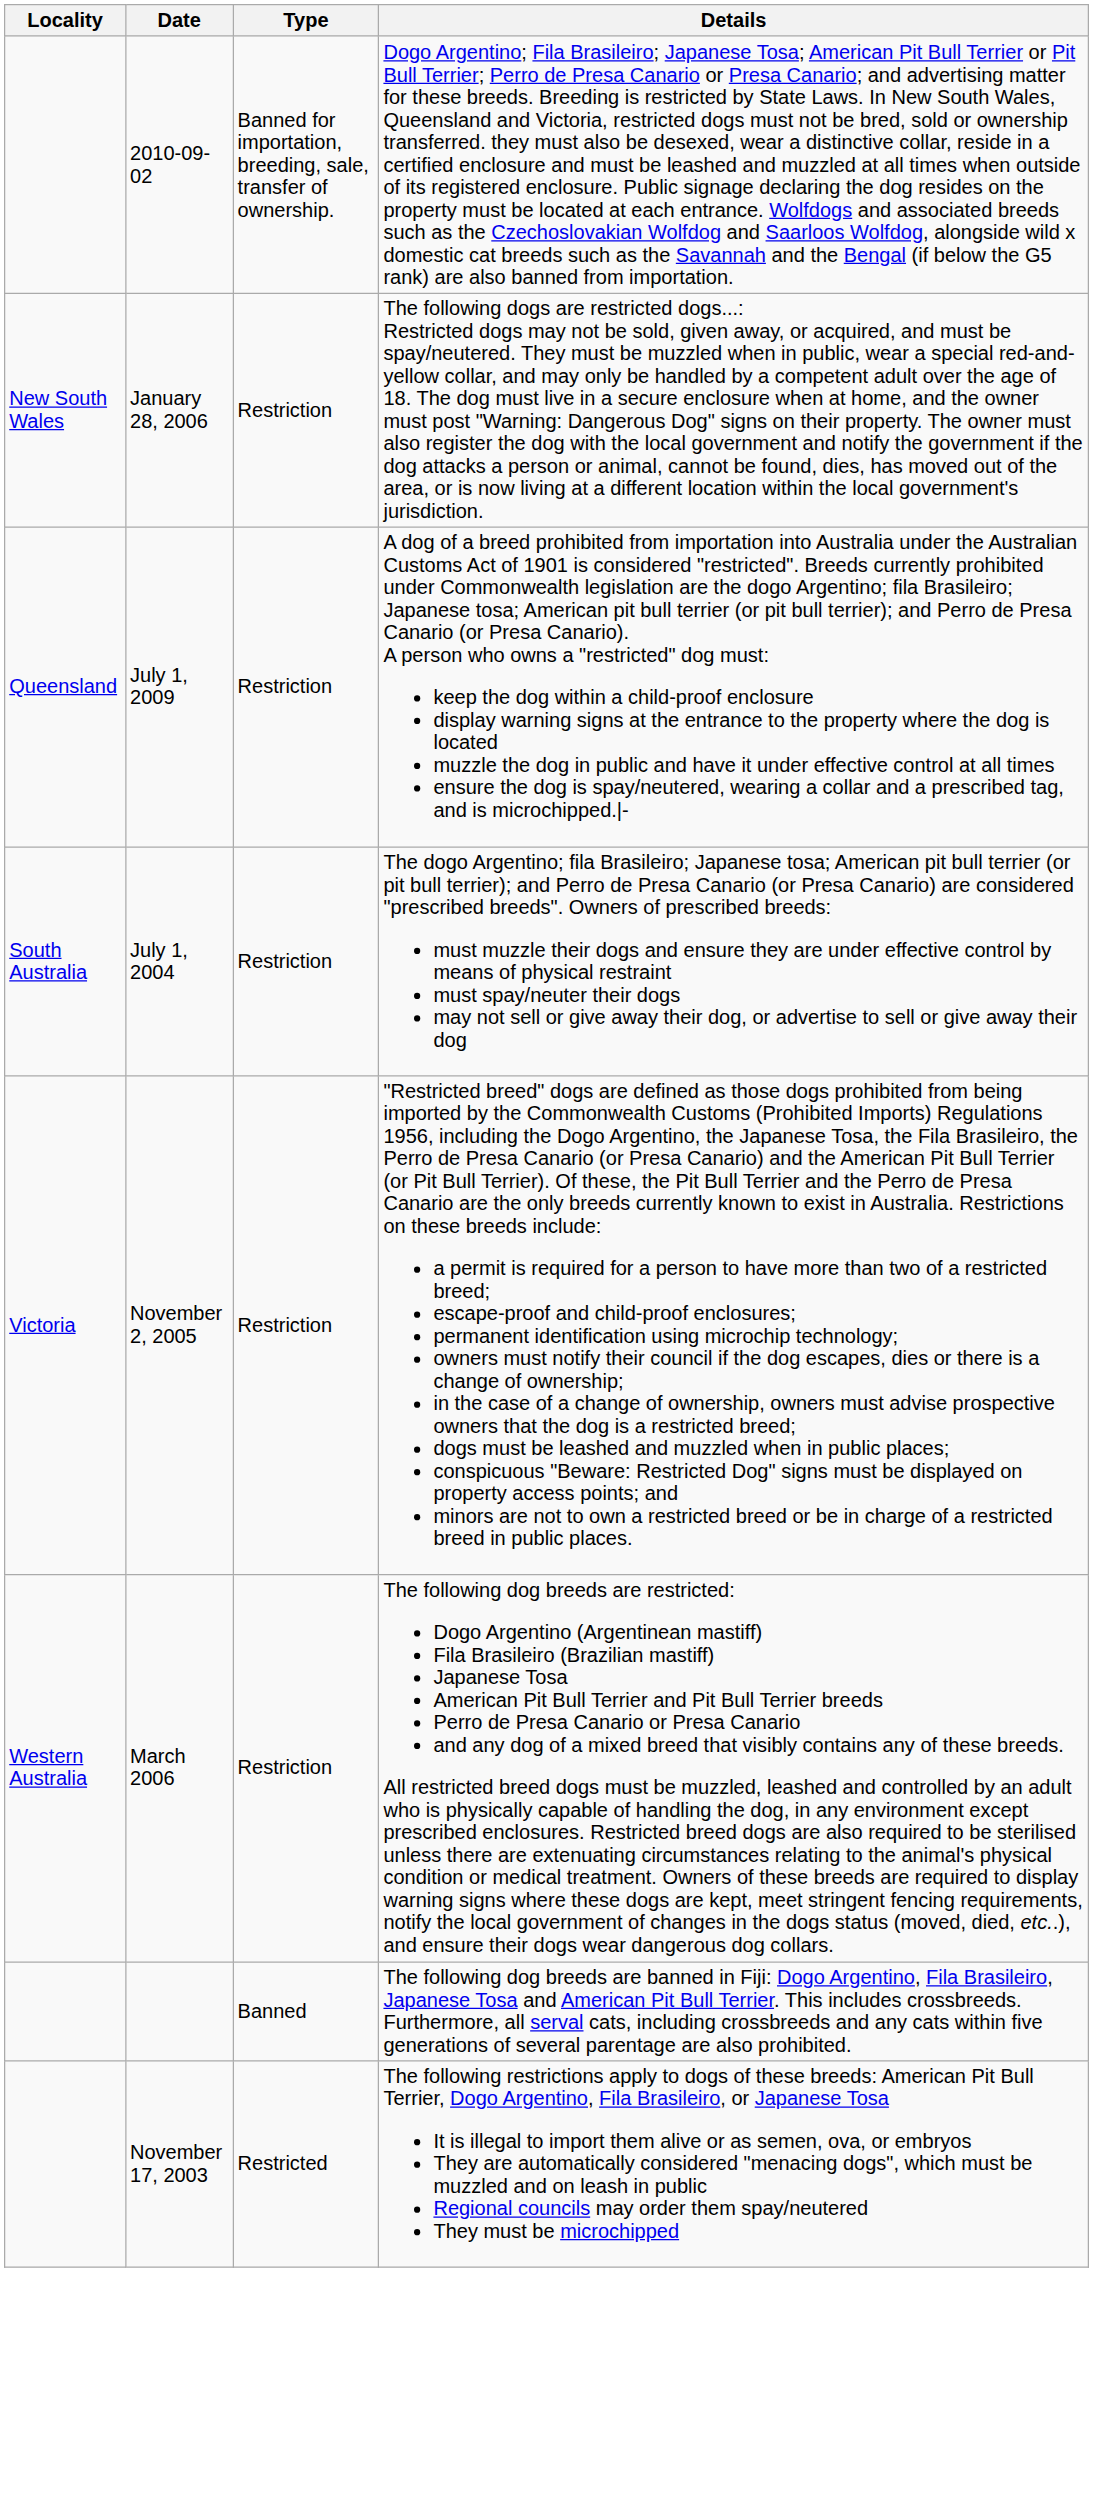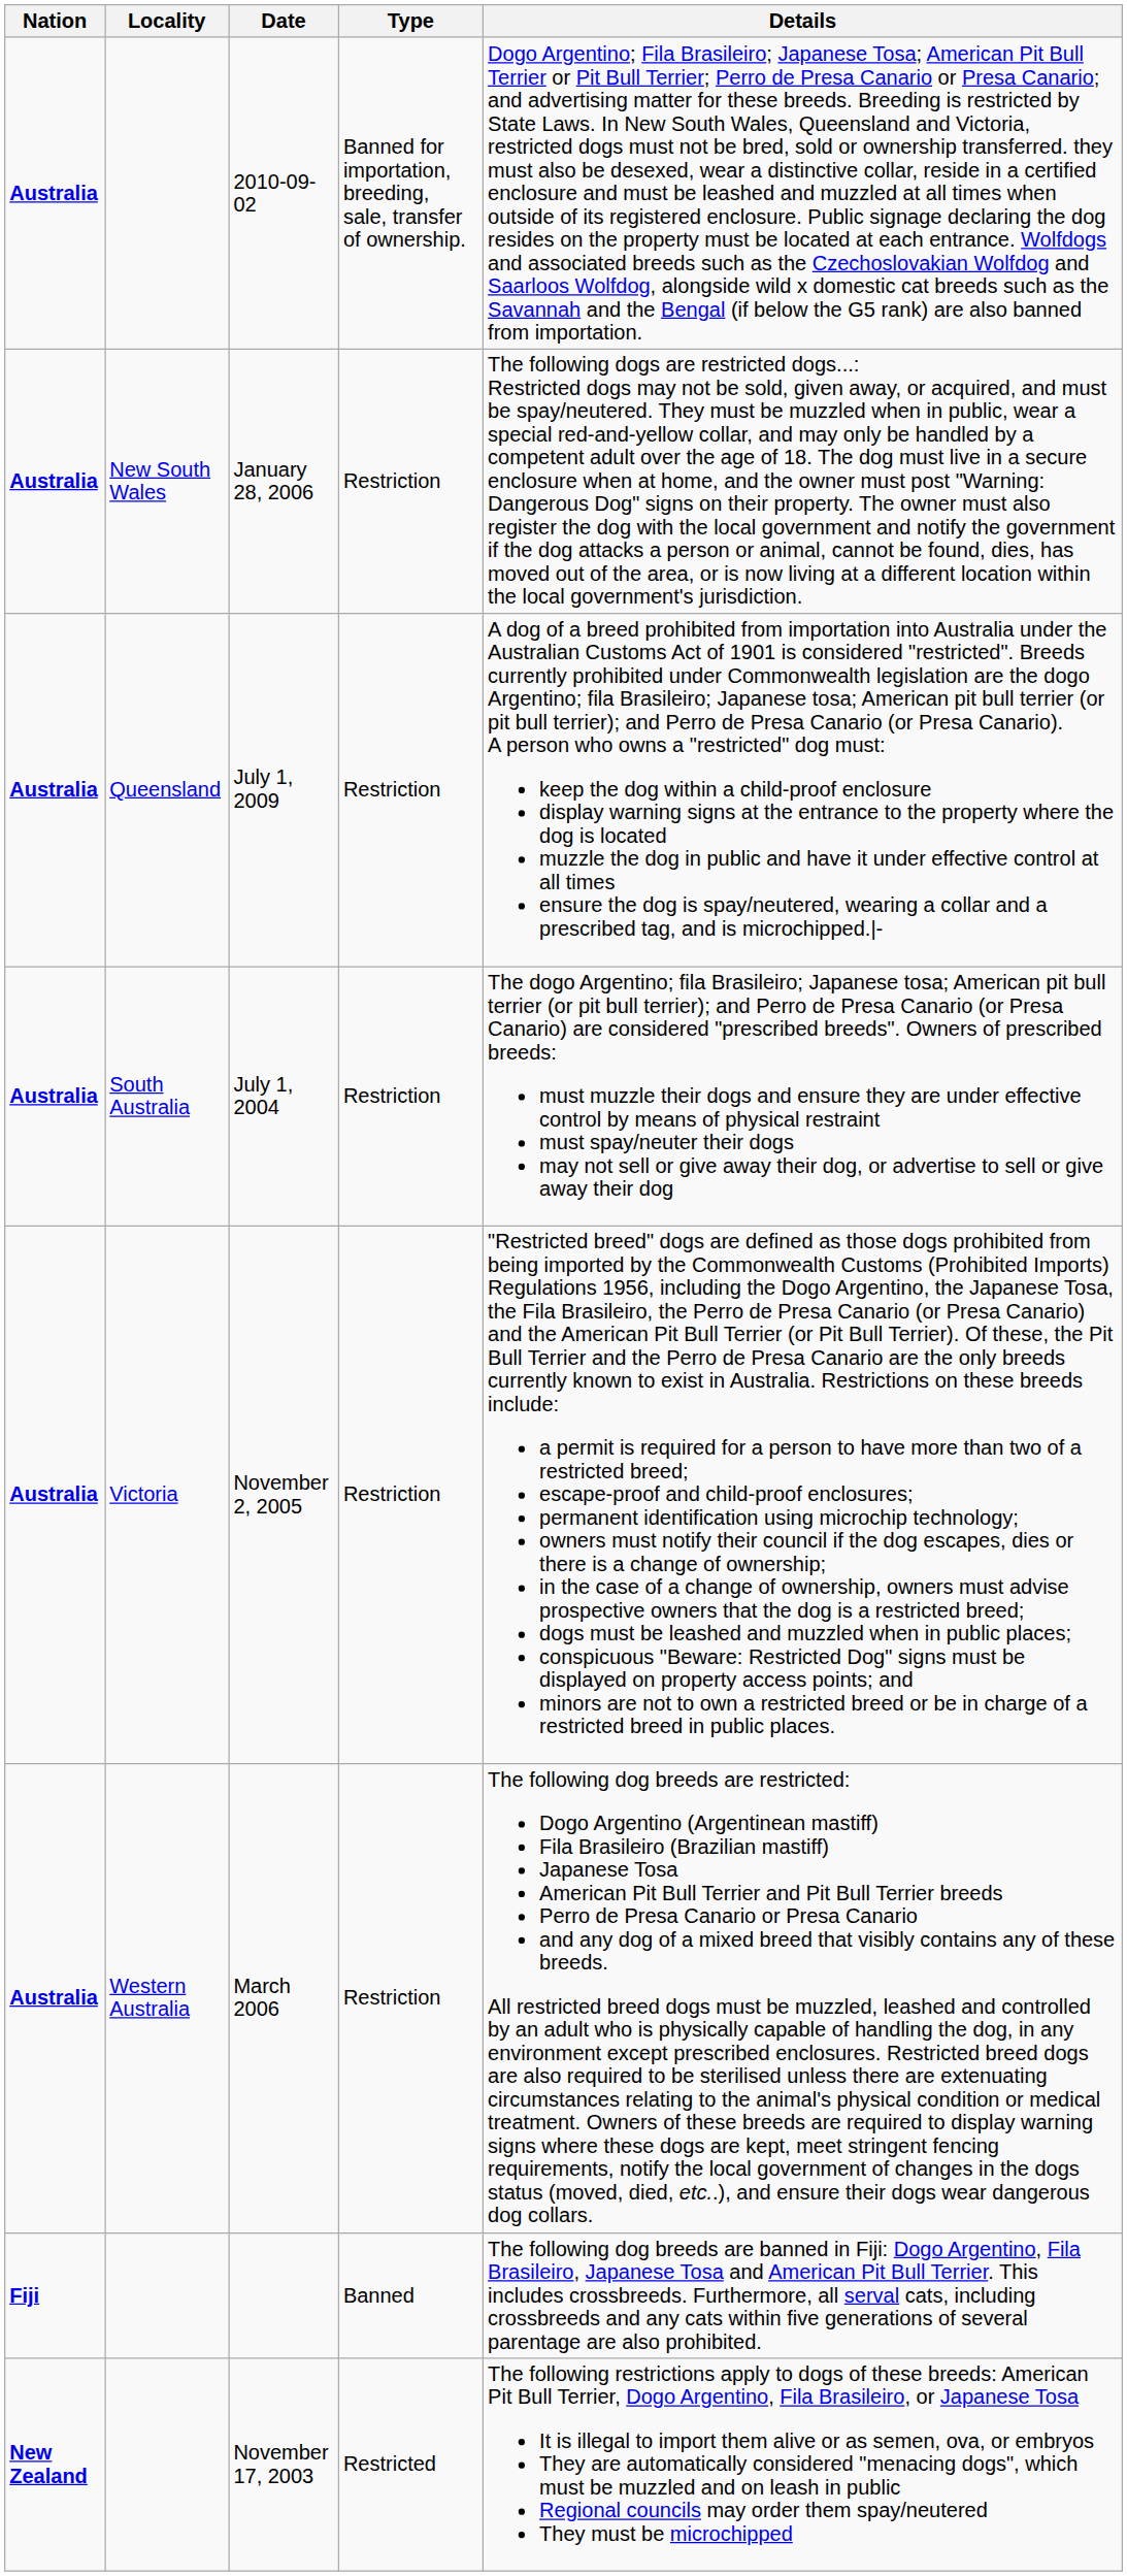 <table class="wikitable">
 <tr>
+<th>Nation</th>
 <th>Locality</th>
 <th>Date</th>
 <th>Type</th>
 <th>Details</th>
 </tr>
 <tr>
+<td><strong><a href='#'>Australia</a></strong></td>
 <td></td>
 <td>2010-09-02</td>
 <td>Banned for importation, breeding, sale, transfer of ownership.</td>
 <td><a href='#'>Dogo Argentino</a>; <a href='#'>Fila Brasileiro</a>; <a href='#'>Japanese Tosa</a>; <a href='#'>American Pit Bull Terrier</a> or <a href='#'>Pit Bull Terrier</a>; <a href='#'>Perro de Presa Canario</a> or <a href='#'>Presa Canario</a>; and advertising matter for these breeds. Breeding is restricted by State Laws. In New South Wales, Queensland and Victoria, restricted dogs must not be bred, sold or ownership transferred. they must also be desexed, wear a distinctive collar, reside in a certified enclosure and must be leashed and muzzled at all times when outside of its registered enclosure. Public signage declaring the dog resides on the property must be located at each entrance. <a href='#'>Wolfdogs</a> and associated breeds such as the <a href='#'>Czechoslovakian Wolfdog</a> and <a href='#'>Saarloos Wolfdog</a>, alongside wild x domestic cat breeds such as the <a href='#'>Savannah</a> and the <a href='#'>Bengal</a> (if below the G5 rank) are also banned from importation.</td>
 </tr>
 <tr>
+<td><strong><a href='#'>Australia</a></strong></td>
 <td><a href='#'>New South Wales</a></td>
 <td>January 28, 2006</td>
 <td>Restriction</td>
 <td>The following dogs are restricted dogs...:<br>Restricted dogs may not be sold, given away, or acquired, and must be spay/neutered. They must be muzzled when in public, wear a special red-and-yellow collar, and may only be handled by a competent adult over the age of 18. The dog must live in a secure enclosure when at home, and the owner must post "Warning: Dangerous Dog" signs on their property. The owner must also register the dog with the local government and notify the government if the dog attacks a person or animal, cannot be found, dies, has moved out of the area, or is now living at a different location within the local government's jurisdiction.</td>
 </tr>
 <tr>
+<td><strong><a href='#'>Australia</a></strong></td>
 <td><a href='#'>Queensland</a></td>
 <td>July 1, 2009</td>
 <td>Restriction</td>
 <td>A dog of a breed prohibited from importation into Australia under the Australian Customs Act of 1901 is considered "restricted". Breeds currently prohibited under Commonwealth legislation are the dogo Argentino; fila Brasileiro; Japanese tosa; American pit bull terrier (or pit bull terrier); and Perro de Presa Canario (or Presa Canario).<br>A person who owns a "restricted" dog must:<ul><li>keep the dog within a child-proof enclosure</li><li>display warning signs at the entrance to the property where the dog is located</li><li>muzzle the dog in public and have it under effective control at all times</li><li>ensure the dog is spay/neutered, wearing a collar and a prescribed tag, and is microchipped.|-</li></ul></td>
 </tr>
 <tr>
+<td><strong><a href='#'>Australia</a></strong></td>
 <td><a href='#'>South Australia</a></td>
 <td>July 1, 2004</td>
 <td>Restriction</td>
 <td>The dogo Argentino; fila Brasileiro; Japanese tosa; American pit bull terrier (or pit bull terrier); and Perro de Presa Canario (or Presa Canario) are considered "prescribed breeds". Owners of prescribed breeds:<br><ul><li>must muzzle their dogs and ensure they are under effective control by means of physical restraint</li><li>must spay/neuter their dogs</li><li>may not sell or give away their dog, or advertise to sell or give away their dog</li></ul></td>
 </tr>
 <tr>
+<td><strong><a href='#'>Australia</a></strong></td>
 <td><a href='#'>Victoria</a></td>
 <td>November 2, 2005</td>
 <td>Restriction</td>
 <td>"Restricted breed" dogs are defined as those dogs prohibited from being imported by the Commonwealth Customs (Prohibited Imports) Regulations 1956, including the Dogo Argentino, the Japanese Tosa, the Fila Brasileiro, the Perro de Presa Canario (or Presa Canario) and the American Pit Bull Terrier (or Pit Bull Terrier). Of these, the Pit Bull Terrier and the Perro de Presa Canario are the only breeds currently known to exist in Australia. Restrictions on these breeds include:<br><ul><li>a permit is required for a person to have more than two of a restricted breed;</li><li>escape-proof and child-proof enclosures;</li><li>permanent identification using microchip technology;</li><li>owners must notify their council if the dog escapes, dies or there is a change of ownership;</li><li>in the case of a change of ownership, owners must advise prospective owners that the dog is a restricted breed;</li><li>dogs must be leashed and muzzled when in public places;</li><li>conspicuous "Beware: Restricted Dog" signs must be displayed on property access points; and</li><li>minors are not to own a restricted breed or be in charge of a restricted breed in public places.</li></ul></td>
 </tr>
 <tr>
+<td><strong><a href='#'>Australia</a></strong></td>
 <td><a href='#'>Western Australia</a></td>
 <td>March 2006</td>
 <td>Restriction</td>
 <td>The following dog breeds are restricted:<br><ul><li>Dogo Argentino (Argentinean mastiff)</li><li>Fila Brasileiro (Brazilian mastiff)</li><li>Japanese Tosa</li><li>American Pit Bull Terrier and Pit Bull Terrier breeds</li><li>Perro de Presa Canario or Presa Canario</li><li>and any dog of a mixed breed that visibly contains any of these breeds.</li></ul>All restricted breed dogs must be muzzled, leashed and controlled by an adult who is physically capable of handling the dog, in any environment except prescribed enclosures. Restricted breed dogs are also required to be sterilised unless there are extenuating circumstances relating to the animal's physical condition or medical treatment. Owners of these breeds are required to display warning signs where these dogs are kept, meet stringent fencing requirements, notify the local government of changes in the dogs status (moved, died, <em>etc.</em>.), and ensure their dogs wear dangerous dog collars.</td>
 </tr>
 <tr>
+<td><strong><a href='#'>Fiji</a></strong></td>
 <td></td>
 <td></td>
 <td>Banned</td>
 <td>The following dog breeds are banned in Fiji: <a href='#'>Dogo Argentino</a>, <a href='#'>Fila Brasileiro</a>, <a href='#'>Japanese Tosa</a> and <a href='#'>American Pit Bull Terrier</a>. This includes crossbreeds. Furthermore, all <a href='#'>serval</a> cats, including crossbreeds and any cats within five generations of several parentage are also prohibited.</td>
 </tr>
 <tr>
+<td><strong><a href='#'>New Zealand</a></strong></td>
 <td></td>
 <td>November 17, 2003</td>
 <td>Restricted</td>
 <td>The following restrictions apply to dogs of these breeds: American Pit Bull Terrier, <a href='#'>Dogo Argentino</a>, <a href='#'>Fila Brasileiro</a>, or <a href='#'>Japanese Tosa</a><br><ul><li>It is illegal to import them alive or as semen, ova, or embryos</li><li>They are automatically considered "menacing dogs", which must be muzzled and on leash in public</li><li><a href='#'>Regional councils</a> may order them spay/neutered</li><li>They must be <a href='#'>microchipped</a></li></ul></td>
 </tr>
 </table>
